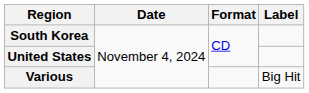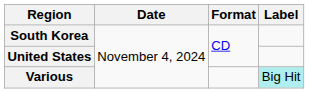 <table class="wikitable plainrowheaders">
 <tr>
 <th scope="col">Region</th>
 <th scope="col">Date</th>
 <th scope="col">Format</th>
 <th scope="col">Label</th>
 </tr>
 <tr>
 <th scope="row">South Korea</th>
 <td rowspan="3">November 4, 2024</td>
 <td rowspan="2"><a href='#'>CD</a></td>
 <td></td>
 </tr>
 <tr>
 <th scope="row">United States</th>
 <td></td>
 </tr>
 <tr>
 <th scope="row">Various</th>
 <td></td>
-<td>Big Hit</td>
+<td style="background: paleturquoise;">Big Hit</td>
 </tr>
 </table>
